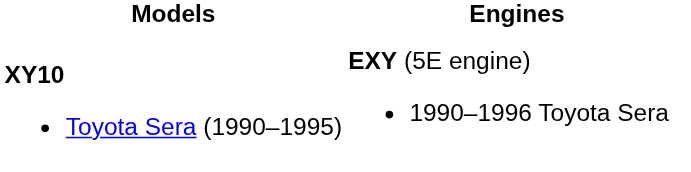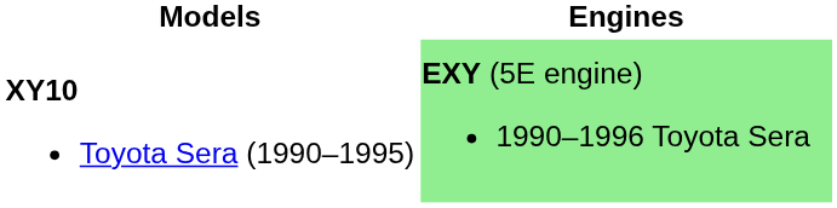 <table>
 <tr>
 <th style="width:50%">Models</th>
 <th>Engines</th>
 </tr>
 <tr>
 <td style="width:50%"><br><strong>XY10</strong><ul><li><a href='#'>Toyota Sera</a> (1990–1995)</li></ul></td>
-<td style="width:50%"><strong>EXY</strong> (5E engine)<br><ul><li>1990–1996 Toyota Sera</li></ul></td>
+<td style="background: lightgreen; width:50%"><strong>EXY</strong> (5E engine)<br><ul><li>1990–1996 Toyota Sera</li></ul></td>
 </tr>
 </table>
